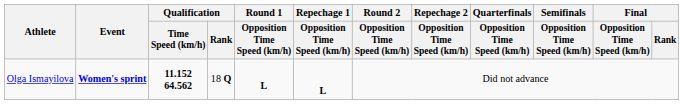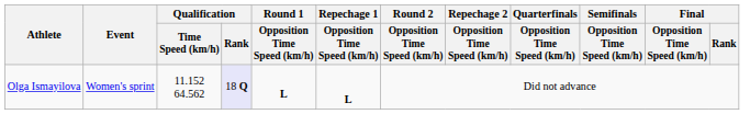 <table class="wikitable" style="font-size:90%">
 <tr>
 <th rowspan=2>Athlete</th>
 <th rowspan=2>Event</th>
 <th colspan=2>Qualification</th>
 <th>Round 1</th>
 <th>Repechage 1</th>
 <th>Round 2</th>
 <th>Repechage 2</th>
 <th>Quarterfinals</th>
 <th>Semifinals</th>
 <th colspan=2>Final</th>
 </tr>
 <tr style="font-size:95%">
 <th>Time<br>Speed (km/h)</th>
 <th>Rank</th>
 <th>Opposition<br>Time<br>Speed (km/h)</th>
 <th>Opposition<br>Time<br>Speed (km/h)</th>
 <th>Opposition<br>Time<br>Speed (km/h)</th>
 <th>Opposition<br>Time<br>Speed (km/h)</th>
 <th>Opposition<br>Time<br>Speed (km/h)</th>
 <th>Opposition<br>Time<br>Speed (km/h)</th>
 <th>Opposition<br>Time<br>Speed (km/h)</th>
 <th>Rank</th>
 </tr>
 <tr align=center>
 <td align=left><a href='#'>Olga Ismayilova</a></td>
-<td align=left><strong><a href='#'>Women's sprint</a></strong></td>
-<td><strong>11.152<br>64.562</strong></td>
-<td>18 <strong>Q</strong></td>
+<td align=left><a href='#'>Women's sprint</a></td>
+<td>11.152<br>64.562</td>
+<td style="background: lavender;">18 <strong>Q</strong></td>
 <td><br><strong>L</strong></td>
 <td><br><br><strong>L</strong></td>
 <td colspan=6>Did not advance</td>
 </tr>
 </table>
